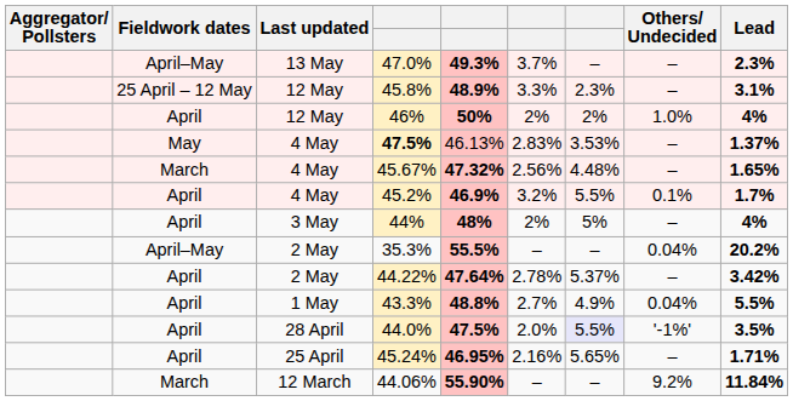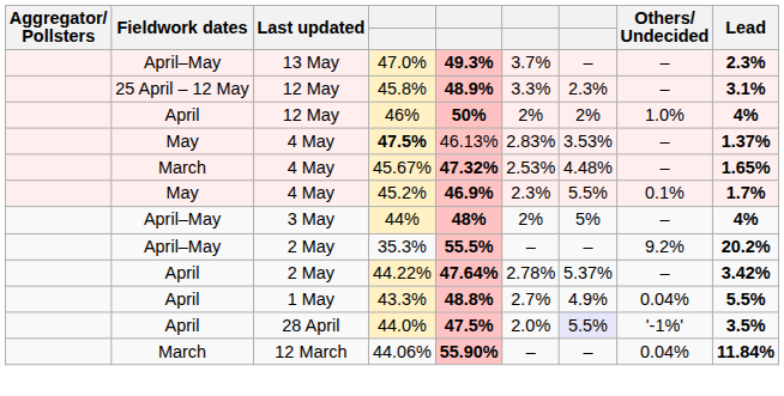 <table class="sortable wikitable mw-datatable mw-collapsible" style="text-align:center; font-size:95%; line-height:16px;">
 <tr>
 <th rowspan="2">Aggregator/<br>Pollsters</th>
 <th rowspan="2">Fieldwork dates</th>
 <th rowspan="2">Last updated</th>
 <th></th>
 <th></th>
 <th></th>
 <th></th>
 <th rowspan="2">Others/<br>Undecided</th>
 <th rowspan="2">Lead</th>
 </tr>
 <tr>
 <th style="background:"></th>
 <th style="background:"></th>
 <th style="background:"></th>
 <th style="background:"></th>
 </tr>
 <tr style="background: #FFEEEE">
 <td></td>
 <td>April–May</td>
 <td>13 May</td>
 <td style="background:#FFF1C4">47.0%</td>
 <td style="background:#FFC2C2"><strong>49.3%</strong></td>
 <td>3.7%</td>
 <td>–</td>
 <td>–</td>
 <td style="background:"><strong>2.3%</strong></td>
 </tr>
 <tr style="background: #FFEEEE">
 <td></td>
 <td>25 April – 12 May</td>
 <td>12 May</td>
 <td style="background:#FFF1C4">45.8%</td>
 <td style="background:#FFC2C2"><strong>48.9%</strong></td>
 <td>3.3%</td>
 <td>2.3%</td>
 <td>–</td>
 <td style="background:"><strong>3.1%</strong></td>
 </tr>
 <tr style="background: #FFEEEE">
 <td></td>
 <td>April</td>
 <td>12 May</td>
 <td style="background:#FFF1C4">46%</td>
 <td style="background:#FFC2C2"><strong>50%</strong></td>
 <td>2%</td>
 <td>2%</td>
 <td>1.0%</td>
 <td style="background:"><strong>4%</strong></td>
 </tr>
 <tr style="background: #FFEEEE">
 <td></td>
 <td>May</td>
 <td>4 May</td>
 <td style="background:#FFF1C4"><strong>47.5%</strong></td>
 <td style="background:#FFC2C2">46.13%</td>
 <td>2.83%</td>
 <td>3.53%</td>
 <td>–</td>
 <td style="background:"><strong>1.37%</strong></td>
 </tr>
 <tr style="background: #FFEEEE">
 <td></td>
 <td>March</td>
 <td>4 May</td>
 <td style="background:#FFF1C4">45.67%</td>
 <td style="background:#FFC2C2"><strong>47.32%</strong></td>
-<td>2.56%</td>
+<td>2.53%</td>
 <td>4.48%</td>
 <td>–</td>
 <td style="background:"><strong>1.65%</strong></td>
 </tr>
 <tr style="background: #FFEEEE">
 <td></td>
-<td>April</td>
+<td>May</td>
 <td>4 May</td>
 <td style="background:#FFF1C4">45.2%</td>
 <td style="background:#FFC2C2"><strong>46.9%</strong></td>
-<td>3.2%</td>
+<td>2.3%</td>
 <td>5.5%</td>
 <td>0.1%</td>
 <td style="background:"><strong>1.7%</strong></td>
 </tr>
 <tr>
 <td></td>
-<td>April</td>
+<td>April–May</td>
 <td>3 May</td>
 <td style="background:#FFF1C4">44%</td>
 <td style="background:#FFC2C2"><strong>48%</strong></td>
 <td>2%</td>
 <td>5%</td>
 <td>–</td>
 <td style="background:"><strong>4%</strong></td>
 </tr>
 <tr>
 <td></td>
 <td>April–May</td>
 <td>2 May</td>
 <td>35.3%</td>
 <td style="background:#FFC2C2"><strong>55.5%</strong></td>
 <td>–</td>
 <td>–</td>
-<td>0.04%</td>
+<td>9.2%</td>
 <td style="background:"><strong>20.2%</strong></td>
 </tr>
 <tr>
 <td></td>
 <td>April</td>
 <td>2 May</td>
 <td style="background:#FFF1C4">44.22%</td>
 <td style="background:#FFC2C2"><strong>47.64%</strong></td>
 <td>2.78%</td>
 <td>5.37%</td>
 <td>–</td>
 <td style="background:"><strong>3.42%</strong></td>
 </tr>
 <tr>
 <td></td>
 <td>April</td>
 <td>1 May</td>
 <td style="background:#FFF1C4">43.3%</td>
 <td style="background:#FFC2C2"><strong>48.8%</strong></td>
 <td>2.7%</td>
 <td>4.9%</td>
 <td>0.04%</td>
 <td style="background:"><strong>5.5%</strong></td>
 </tr>
 <tr>
 <td></td>
 <td>April</td>
 <td>28 April</td>
 <td style="background:#FFF1C4">44.0%</td>
 <td style="background:#FFC2C2"><strong>47.5%</strong></td>
 <td>2.0%</td>
 <td style="background: lavender;">5.5%</td>
 <td>'-1%'</td>
 <td style="background:"><strong>3.5%</strong></td>
 </tr>
 <tr>
 <td></td>
-<td>April</td>
-<td>25 April</td>
-<td style="background:#FFF1C4">45.24%</td>
-<td style="background:#FFC2C2"><strong>46.95%</strong></td>
-<td>2.16%</td>
-<td>5.65%</td>
-<td>–</td>
-<td style="background:"><strong>1.71%</strong></td>
-</tr>
-<tr>
-<td></td>
 <td>March</td>
 <td>12 March</td>
 <td>44.06%</td>
 <td style="background:#FFC2C2"><strong>55.90% </strong></td>
 <td>–</td>
 <td>–</td>
-<td>9.2%</td>
+<td>0.04%</td>
 <td style="background:"><strong>11.84%</strong></td>
 </tr>
 </table>
